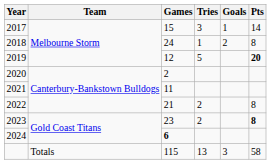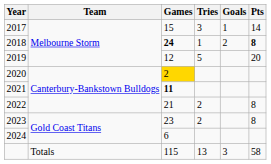 <table class="wikitable">
 <tr>
 <th>Year</th>
 <th>Team</th>
 <th>Games</th>
 <th>Tries</th>
 <th>Goals</th>
 <th>Pts</th>
 </tr>
 <tr>
 <td>2017</td>
 <td rowspan="3"> <a href='#'>Melbourne Storm</a></td>
 <td>15</td>
 <td>3</td>
 <td>1</td>
 <td>14</td>
 </tr>
 <tr>
 <td>2018</td>
-<td>24</td>
+<td><strong>24</strong></td>
 <td>1</td>
 <td>2</td>
-<td>8</td>
+<td><strong>8</strong></td>
 </tr>
 <tr>
 <td>2019</td>
 <td>12</td>
 <td>5</td>
 <td></td>
-<td><strong>20</strong></td>
+<td>20</td>
 </tr>
 <tr>
 <td>2020</td>
 <td rowspan="3"> <a href='#'>Canterbury-Bankstown Bulldogs</a></td>
-<td>2</td>
+<td style="background: gold;">2</td>
 <td></td>
 <td></td>
 <td></td>
 </tr>
 <tr>
 <td>2021</td>
-<td>11</td>
+<td><strong>11</strong></td>
 <td></td>
 <td></td>
 <td></td>
 </tr>
 <tr>
 <td>2022</td>
 <td>21</td>
 <td>2</td>
 <td></td>
 <td>8</td>
 </tr>
 <tr>
 <td>2023</td>
 <td rowspan="2"> <a href='#'>Gold Coast Titans</a></td>
 <td>23</td>
 <td>2</td>
 <td></td>
-<td><strong>8</strong></td>
+<td>8</td>
 </tr>
 <tr>
 <td>2024</td>
-<td><strong>6</strong></td>
+<td>6</td>
 <td></td>
 <td></td>
 <td></td>
 </tr>
 <tr>
 <td></td>
 <td>Totals</td>
 <td>115</td>
 <td>13</td>
 <td>3</td>
 <td>58</td>
 </tr>
 </table>
